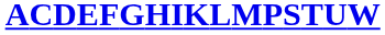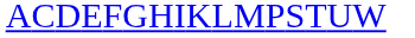 <table id="toc" class="toc" summary="Class">
 <tr>
 <th></th>
 </tr>
 <tr>
-<td style="text-align:center;"><strong><a href='#'>A</a><a href='#'>C</a><a href='#'>D</a><a href='#'>E</a><a href='#'>F</a><a href='#'>G</a><a href='#'>H</a><a href='#'>I</a><a href='#'>K</a><a href='#'>L</a><a href='#'>M</a><a href='#'>P</a><a href='#'>S</a><a href='#'>T</a><a href='#'>U</a><a href='#'>W</a></strong></td>
+<td style="text-align:center;"><a href='#'>A</a><a href='#'>C</a><a href='#'>D</a><a href='#'>E</a><a href='#'>F</a><a href='#'>G</a><a href='#'>H</a><a href='#'>I</a><a href='#'>K</a><a href='#'>L</a><a href='#'>M</a><a href='#'>P</a><a href='#'>S</a><a href='#'>T</a><a href='#'>U</a><a href='#'>W</a></td>
 </tr>
 </table>
